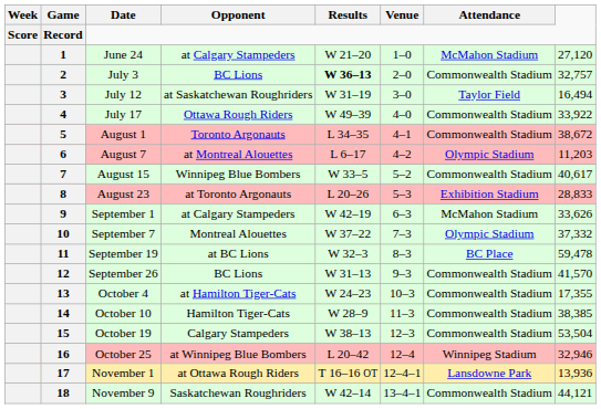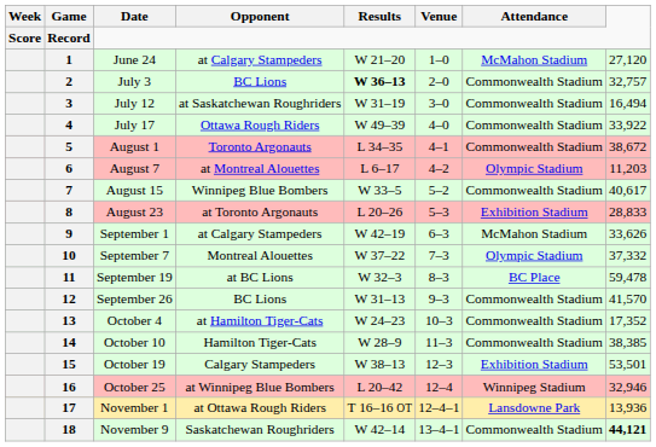 <table class="wikitable" style="text-align:center">
 <tr>
 <th>Week</th>
 <th>Game</th>
 <th>Date</th>
 <th>Opponent</th>
 <th>Results</th>
 <th>Venue</th>
 <th>Attendance</th>
 </tr>
 <tr>
 <th>Score</th>
 <th>Record</th>
 </tr>
 <tr style="background:#ddffdd">
 <th></th>
 <th>1</th>
 <td>June 24</td>
 <td>at <a href='#'>Calgary Stampeders</a></td>
 <td>W 21–20</td>
 <td>1–0</td>
 <td><a href='#'>McMahon Stadium</a></td>
 <td>27,120</td>
 </tr>
 <tr style="background:#ddffdd">
 <th></th>
 <th>2</th>
 <td>July 3</td>
 <td><a href='#'>BC Lions</a></td>
 <td><strong>W 36–13</strong></td>
 <td>2–0</td>
 <td>Commonwealth Stadium</td>
 <td>32,757</td>
 </tr>
 <tr style="background:#ddffdd">
 <th></th>
 <th>3</th>
 <td>July 12</td>
 <td>at Saskatchewan Roughriders</td>
 <td>W 31–19</td>
 <td>3–0</td>
-<td><a href='#'>Taylor Field</a></td>
+<td>Commonwealth Stadium</td>
 <td>16,494</td>
 </tr>
 <tr style="background:#ddffdd">
 <th></th>
 <th>4</th>
 <td>July 17</td>
 <td><a href='#'>Ottawa Rough Riders</a></td>
 <td>W 49–39</td>
 <td>4–0</td>
 <td>Commonwealth Stadium</td>
 <td>33,922</td>
 </tr>
 <tr style="background:#ffbbbb">
 <th></th>
 <th>5</th>
 <td>August 1</td>
 <td><a href='#'>Toronto Argonauts</a></td>
 <td>L 34–35</td>
 <td>4–1</td>
 <td>Commonwealth Stadium</td>
 <td>38,672</td>
 </tr>
 <tr style="background:#ffbbbb">
 <th></th>
 <th>6</th>
 <td>August 7</td>
 <td>at <a href='#'>Montreal Alouettes</a></td>
 <td>L 6–17</td>
 <td>4–2</td>
 <td><a href='#'>Olympic Stadium</a></td>
 <td>11,203</td>
 </tr>
 <tr style="background:#ddffdd">
 <th></th>
 <th>7</th>
 <td>August 15</td>
 <td>Winnipeg Blue Bombers</td>
 <td>W 33–5</td>
 <td>5–2</td>
 <td>Commonwealth Stadium</td>
 <td>40,617</td>
 </tr>
 <tr style="background:#ffbbbb">
 <th></th>
 <th>8</th>
 <td>August 23</td>
 <td>at Toronto Argonauts</td>
 <td>L 20–26</td>
 <td>5–3</td>
 <td><a href='#'>Exhibition Stadium</a></td>
 <td>28,833</td>
 </tr>
 <tr style="background:#ddffdd">
 <th></th>
 <th>9</th>
 <td>September 1</td>
 <td>at Calgary Stampeders</td>
 <td>W 42–19</td>
 <td>6–3</td>
 <td>McMahon Stadium</td>
 <td>33,626</td>
 </tr>
 <tr style="background:#ddffdd">
 <th></th>
 <th>10</th>
 <td>September 7</td>
 <td>Montreal Alouettes</td>
 <td>W 37–22</td>
 <td>7–3</td>
 <td><a href='#'>Olympic Stadium</a></td>
 <td>37,332</td>
 </tr>
 <tr style="background:#ddffdd">
 <th></th>
 <th>11</th>
 <td>September 19</td>
 <td>at BC Lions</td>
 <td>W 32–3</td>
 <td>8–3</td>
 <td><a href='#'>BC Place</a></td>
 <td>59,478</td>
 </tr>
 <tr style="background:#ddffdd">
 <th></th>
 <th>12</th>
 <td>September 26</td>
 <td>BC Lions</td>
 <td>W 31–13</td>
 <td>9–3</td>
 <td>Commonwealth Stadium</td>
 <td>41,570</td>
 </tr>
 <tr style="background:#ddffdd">
 <th></th>
 <th>13</th>
 <td>October 4</td>
 <td>at <a href='#'>Hamilton Tiger-Cats</a></td>
 <td>W 24–23</td>
 <td>10–3</td>
 <td>Commonwealth Stadium</td>
-<td>17,355</td>
+<td>17,352</td>
 </tr>
 <tr style="background:#ddffdd">
 <th></th>
 <th>14</th>
 <td>October 10</td>
 <td>Hamilton Tiger-Cats</td>
 <td>W 28–9</td>
 <td>11–3</td>
 <td>Commonwealth Stadium</td>
 <td>38,385</td>
 </tr>
 <tr style="background:#ddffdd">
 <th></th>
 <th>15</th>
 <td>October 19</td>
 <td>Calgary Stampeders</td>
 <td>W 38–13</td>
 <td>12–3</td>
-<td>Commonwealth Stadium</td>
-<td>53,504</td>
+<td><a href='#'>Exhibition Stadium</a></td>
+<td>53,501</td>
 </tr>
 <tr style="background:#ffbbbb">
 <th></th>
 <th>16</th>
 <td>October 25</td>
 <td>at Winnipeg Blue Bombers</td>
 <td>L 20–42</td>
 <td>12–4</td>
 <td>Winnipeg Stadium</td>
 <td>32,946</td>
 </tr>
 <tr style="background:#ffeeaa">
 <th></th>
 <th>17</th>
 <td>November 1</td>
 <td>at Ottawa Rough Riders</td>
 <td>T 16–16 <small>OT</small></td>
 <td>12–4–1</td>
 <td><a href='#'>Lansdowne Park</a></td>
 <td>13,936</td>
 </tr>
 <tr style="background:#ddffdd">
 <th></th>
 <th>18</th>
 <td>November 9</td>
 <td>Saskatchewan Roughriders</td>
 <td>W 42–14</td>
 <td>13–4–1</td>
 <td>Commonwealth Stadium</td>
-<td>44,121</td>
+<td><strong>44,121</strong></td>
 </tr>
 </table>
